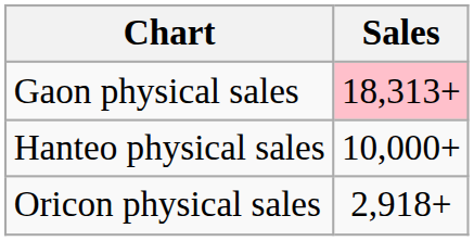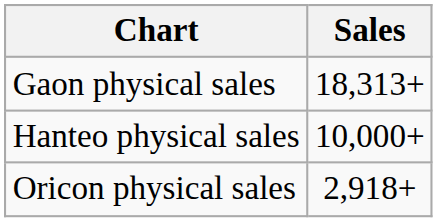 <table class="wikitable">
 <tr>
 <th>Chart</th>
 <th>Sales</th>
 </tr>
 <tr>
 <td>Gaon physical sales</td>
-<td align="center" style="background: pink;">18,313+</td>
+<td align="center">18,313+</td>
 </tr>
 <tr>
 <td>Hanteo physical sales </td>
 <td align="center">10,000+</td>
 </tr>
 <tr>
 <td>Oricon physical sales </td>
 <td align="center">2,918+</td>
 </tr>
 </table>
